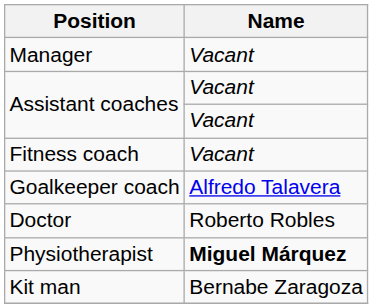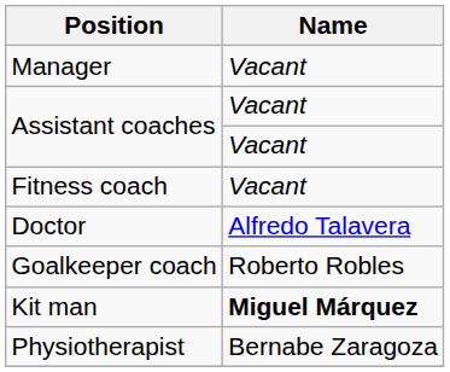 <table class="wikitable">
 <tr>
 <th>Position</th>
 <th>Name</th>
 </tr>
 <tr>
 <td>Manager</td>
 <td><em>Vacant</em></td>
 </tr>
 <tr>
 <td rowspan="2">Assistant coaches</td>
 <td><em>Vacant</em></td>
 </tr>
 <tr>
 <td><em>Vacant</em></td>
 </tr>
 <tr>
 <td>Fitness coach</td>
 <td><em>Vacant</em></td>
 </tr>
 <tr>
-<td>Goalkeeper coach</td>
+<td>Doctor</td>
 <td> <a href='#'>Alfredo Talavera</a></td>
 </tr>
 <tr>
-<td>Doctor</td>
+<td>Goalkeeper coach</td>
 <td> Roberto Robles</td>
 </tr>
 <tr>
-<td>Physiotherapist</td>
+<td>Kit man</td>
 <td><strong> Miguel Márquez</strong></td>
 </tr>
 <tr>
-<td>Kit man</td>
+<td>Physiotherapist</td>
 <td> Bernabe Zaragoza</td>
 </tr>
 <tr>
 </tr>
 </table>
